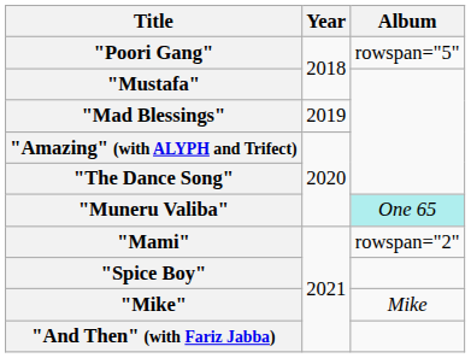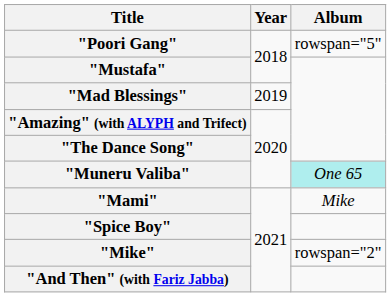 <table class="wikitable plainrowheaders" style="text-align:center;">
 <tr>
 <th scope="col">Title</th>
 <th scope="col">Year</th>
 <th scope="col">Album</th>
 </tr>
 <tr>
 <th scope="row">"Poori Gang"</th>
 <td rowspan="2">2018</td>
 <td>rowspan="5" </td>
 </tr>
 <tr>
 <th scope="row">"Mustafa"</th>
 </tr>
 <tr>
 <th scope="row">"Mad Blessings"</th>
 <td>2019</td>
 </tr>
 <tr>
 <th scope="row">"Amazing" <small>(with <a href='#'>ALYPH</a> and Trifect)</small></th>
 <td rowspan="3">2020</td>
 </tr>
 <tr>
 <th scope="row">"The Dance Song"</th>
 </tr>
 <tr>
 <th scope="row">"Muneru Valiba"</th>
 <td style="background: paleturquoise;"><em>One 65</em></td>
 </tr>
 <tr>
 <th scope="row">"Mami"</th>
 <td rowspan="4">2021</td>
-<td>rowspan="2" </td>
+<td><em>Mike</em></td>
 </tr>
 <tr>
 <th scope="row">"Spice Boy"</th>
 </tr>
 <tr>
 <th scope="row">"Mike"</th>
-<td><em>Mike</em></td>
+<td>rowspan="2" </td>
 </tr>
 <tr>
 <th scope="row">"And Then" <small>(with <a href='#'>Fariz Jabba</a>)</small></th>
 <td></td>
 </tr>
 </table>
